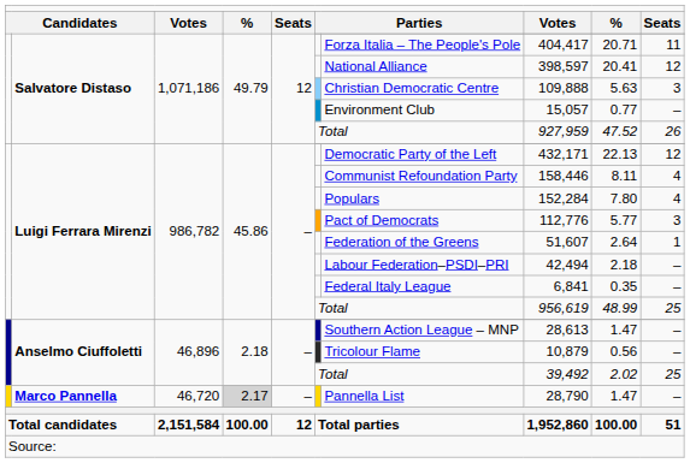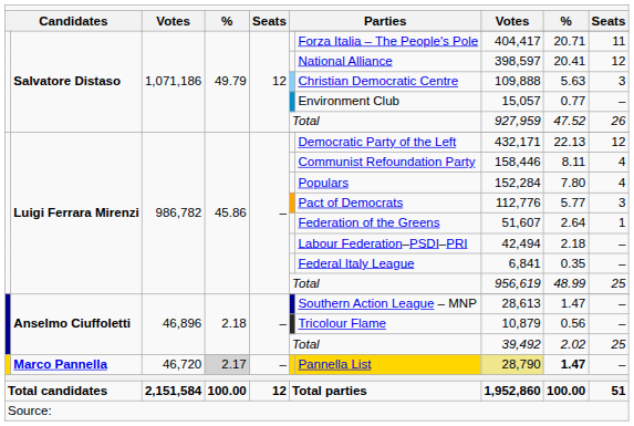 <table class="wikitable">
 <tr>
 <td colspan=10></td>
 </tr>
 <tr>
 <th colspan=2>Candidates</th>
 <th>Votes</th>
 <th>%</th>
 <th>Seats</th>
 <th colspan=2>Parties</th>
 <th>Votes</th>
 <th>%</th>
 <th>Seats</th>
 </tr>
 <tr>
 <td rowspan=6></td>
 <td rowspan=6><strong>Salvatore Distaso</strong></td>
 <td rowspan=6 align=right>1,071,186</td>
 <td rowspan=6 align=right>49.79</td>
 <td rowspan=6 align=right>12</td>
 </tr>
 <tr>
 <td></td>
 <td><a href='#'>Forza Italia – The People's Pole</a></td>
 <td align=right>404,417</td>
 <td align=right>20.71</td>
 <td align=right>11</td>
 </tr>
 <tr>
 <td></td>
 <td><a href='#'>National Alliance</a></td>
 <td align=right>398,597</td>
 <td align=right>20.41</td>
 <td align=right>12</td>
 </tr>
 <tr>
 <td bgcolor="lightskyblue"></td>
 <td><a href='#'>Christian Democratic Centre</a></td>
 <td align=right>109,888</td>
 <td align=right>5.63</td>
 <td align=right>3</td>
 </tr>
 <tr>
 <td bgcolor="#0090CC"></td>
 <td>Environment Club</td>
 <td align=right>15,057</td>
 <td align=right>0.77</td>
 <td align=right>–</td>
 </tr>
 <tr>
 <td colspan=2><em>Total</em></td>
 <td align=right><em>927,959</em></td>
 <td align=right><em>47.52</em></td>
 <td align=right><em>26</em></td>
 </tr>
 <tr>
 <td rowspan=9></td>
 <td rowspan=9><strong>Luigi Ferrara Mirenzi</strong></td>
 <td rowspan=9 align=right>986,782</td>
 <td rowspan=9 align=right>45.86</td>
 <td rowspan=9 align=right>–</td>
 </tr>
 <tr>
 <td></td>
 <td><a href='#'>Democratic Party of the Left</a></td>
 <td align=right>432,171</td>
 <td align=right>22.13</td>
 <td align=right>12</td>
 </tr>
 <tr>
 <td></td>
 <td><a href='#'>Communist Refoundation Party</a></td>
 <td align=right>158,446</td>
 <td align=right>8.11</td>
 <td align=right>4</td>
 </tr>
 <tr>
 <td></td>
 <td><a href='#'>Populars</a></td>
 <td align=right>152,284</td>
 <td align=right>7.80</td>
 <td align=right>4</td>
 </tr>
 <tr>
 <td bgcolor="orange"></td>
 <td><a href='#'>Pact of Democrats</a></td>
 <td align=right>112,776</td>
 <td align=right>5.77</td>
 <td align=right>3</td>
 </tr>
 <tr>
 <td></td>
 <td><a href='#'>Federation of the Greens</a></td>
 <td align=right>51,607</td>
 <td align=right>2.64</td>
 <td align=right>1</td>
 </tr>
 <tr>
 <td></td>
 <td><a href='#'>Labour Federation</a>–<a href='#'>PSDI</a>–<a href='#'>PRI</a></td>
 <td align=right>42,494</td>
 <td align=right>2.18</td>
 <td align=right>–</td>
 </tr>
 <tr>
 <td></td>
 <td><a href='#'>Federal Italy League</a></td>
 <td align=right>6,841</td>
 <td align=right>0.35</td>
 <td align=right>–</td>
 </tr>
 <tr>
 <td colspan=2><em>Total</em></td>
 <td align=right><em>956,619</em></td>
 <td align=right><em>48.99</em></td>
 <td align=right><em>25</em></td>
 </tr>
 <tr>
 <td rowspan=4 bgcolor="darkblue"></td>
 <td rowspan=4><strong>Anselmo Ciuffoletti</strong></td>
 <td rowspan=4 align=right>46,896</td>
 <td rowspan=4 align=right>2.18</td>
 <td rowspan=4 align=right>–</td>
 </tr>
 <tr>
 <td bgcolor="darkblue"></td>
 <td><a href='#'>Southern Action League</a> – MNP</td>
 <td align=right>28,613</td>
 <td align=right>1.47</td>
 <td align=right>–</td>
 </tr>
 <tr>
 <td bgcolor="#282828"></td>
 <td><a href='#'>Tricolour Flame</a></td>
 <td align=right>10,879</td>
 <td align=right>0.56</td>
 <td align=right>–</td>
 </tr>
 <tr>
 <td colspan=2><em>Total</em></td>
 <td align=right><em>39,492</em></td>
 <td align=right><em>2.02</em></td>
 <td align=right><em>25</em></td>
 </tr>
 <tr>
 <td bgcolor="gold"></td>
 <td><strong><a href='#'>Marco Pannella</a></strong></td>
 <td align=right>46,720</td>
 <td align=right style="background: lightgrey;">2.17</td>
 <td align=right>–</td>
 <td bgcolor="gold"></td>
-<td><a href='#'>Pannella List</a></td>
-<td align=right>28,790</td>
-<td align=right>1.47</td>
+<td style="background: gold;"><a href='#'>Pannella List</a></td>
+<td align=right style="background: khaki;">28,790</td>
+<td align=right><strong>1.47</strong></td>
 <td align=right>–</td>
 </tr>
 <tr>
 <th colspan=10></th>
 </tr>
 <tr>
 <td colspan=2><strong>Total candidates</strong></td>
 <td align=right><strong>2,151,584</strong></td>
 <td align=right><strong>100.00</strong></td>
 <td align=right><strong>12</strong></td>
 <td colspan=2><strong>Total parties</strong></td>
 <td align=right><strong>1,952,860</strong></td>
 <td align=right><strong>100.00</strong></td>
 <td align=right><strong>51</strong></td>
 </tr>
 <tr>
 <td colspan=10>Source: </td>
 </tr>
 </table>
